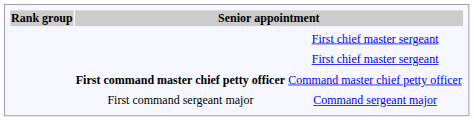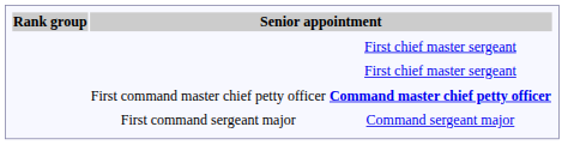 <table style="border:1px solid #8888aa; background-color:#f7f8ff; padding:5px; font-size:95%; margin: 0px 12px 12px 0px; text-align:center;">
 <tr bgcolor="#CCCCCC">
 <th>Rank group</th>
 <th colspan=2>Senior appointment</th>
 </tr>
 <tr>
 <td rowspan=2><strong></strong></td>
 <td></td>
 <td></td>
 </tr>
 <tr>
 <td></td>
 <td><a href='#'>First chief master sergeant</a></td>
 </tr>
 <tr>
 <td rowspan=2><strong></strong></td>
 <td></td>
 <td></td>
 </tr>
 <tr>
 <td></td>
 <td><a href='#'>First chief master sergeant</a></td>
 </tr>
 <tr>
 <td rowspan=2><strong></strong></td>
 <td></td>
 <td></td>
 </tr>
 <tr>
-<td><strong>First command master chief petty officer</strong></td>
-<td><a href='#'>Command master chief petty officer</a></td>
+<td>First command master chief petty officer</td>
+<td><strong><a href='#'>Command master chief petty officer</a></strong></td>
 </tr>
 <tr>
 <td rowspan=2><strong></strong></td>
 <td></td>
 <td></td>
 </tr>
 <tr>
 <td>First command sergeant major</td>
 <td><a href='#'>Command sergeant major</a></td>
 </tr>
 <tr>
 </tr>
 </table>
